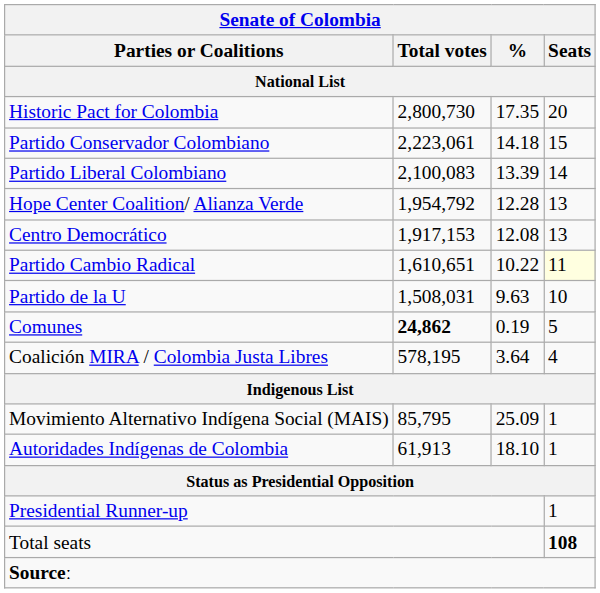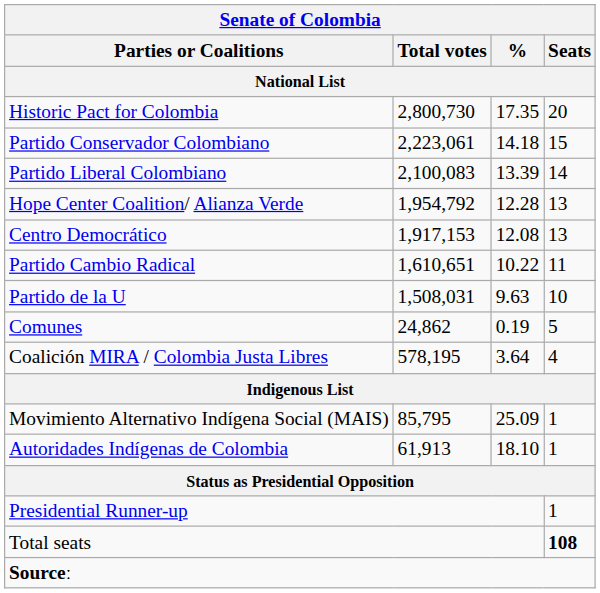 <table class="wikitable">
 <tr>
 <th colspan="4"><strong><a href='#'>Senate of Colombia</a></strong></th>
 </tr>
 <tr>
 <th>Parties or Coalitions</th>
 <th>Total votes</th>
 <th>%</th>
 <th>Seats</th>
 </tr>
 <tr>
 <th colspan="4"><small>National List</small></th>
 </tr>
 <tr>
 <td><a href='#'>Historic Pact for Colombia</a></td>
 <td>2,800,730</td>
 <td>17.35</td>
 <td>20</td>
 </tr>
 <tr>
 <td><a href='#'>Partido Conservador Colombiano</a></td>
 <td>2,223,061</td>
 <td>14.18</td>
 <td>15</td>
 </tr>
 <tr>
 <td><a href='#'>Partido Liberal Colombiano</a></td>
 <td>2,100,083</td>
 <td>13.39</td>
 <td>14</td>
 </tr>
 <tr>
 <td><a href='#'>Hope Center Coalition</a>/ <a href='#'>Alianza Verde</a></td>
 <td>1,954,792</td>
 <td>12.28</td>
 <td>13</td>
 </tr>
 <tr>
 <td><a href='#'>Centro Democrático</a></td>
 <td>1,917,153</td>
 <td>12.08</td>
 <td>13</td>
 </tr>
 <tr>
 <td><a href='#'>Partido Cambio Radical</a></td>
 <td>1,610,651</td>
 <td>10.22</td>
-<td style="background: lightyellow;">11</td>
+<td>11</td>
 </tr>
 <tr>
 <td><a href='#'>Partido de la U</a></td>
 <td>1,508,031</td>
 <td>9.63</td>
 <td>10</td>
 </tr>
 <tr>
 <td><a href='#'>Comunes</a></td>
-<td><strong>24,862</strong></td>
+<td>24,862</td>
 <td>0.19</td>
 <td>5</td>
 </tr>
 <tr>
 <td>Coalición <a href='#'>MIRA</a> / <a href='#'>Colombia Justa Libres</a></td>
 <td>578,195</td>
 <td>3.64</td>
 <td>4</td>
 </tr>
 <tr>
 <th colspan="4"><small>Indigenous List</small></th>
 </tr>
 <tr>
 <td>Movimiento Alternativo Indígena Social (MAIS)</td>
 <td>85,795</td>
 <td>25.09</td>
 <td>1</td>
 </tr>
 <tr>
 <td><a href='#'>Autoridades Indígenas de Colombia</a></td>
 <td>61,913</td>
 <td>18.10</td>
 <td>1</td>
 </tr>
 <tr>
 <th colspan="4"><small>Status as Presidential Opposition</small></th>
 </tr>
 <tr>
 <td colspan="3"><a href='#'>Presidential Runner-up</a></td>
 <td>1</td>
 </tr>
 <tr>
 <td colspan="3">Total seats</td>
 <td><strong>108</strong></td>
 </tr>
 <tr>
 <td colspan="4"><strong>Sourceː </strong></td>
 </tr>
 </table>
